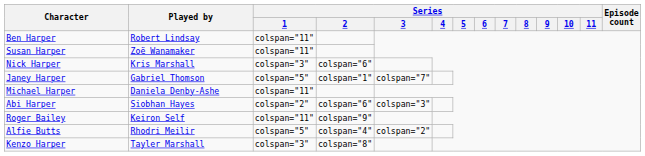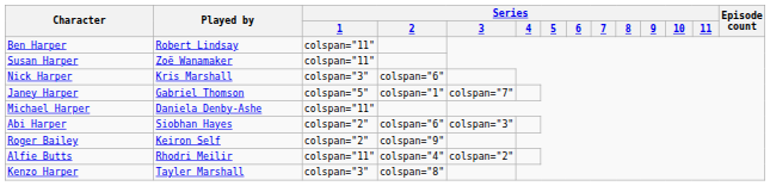 <table class="wikitable planrowheaders" style="width: 80%; margin-right: 0;">
 <tr>
 <th rowspan="2" width="24%">Character</th>
 <th rowspan="2" width="24%">Played by</th>
 <th colspan="11" width="44%"><a href='#'>Series</a></th>
 <th rowspan="2">Episode count</th>
 </tr>
 <tr>
 <th width="4%"><a href='#'>1</a></th>
 <th width="4%"><a href='#'>2</a></th>
 <th width="4%"><a href='#'>3</a></th>
 <th width="4%"><a href='#'>4</a></th>
 <th width="4%"><a href='#'>5</a></th>
 <th width="4%"><a href='#'>6</a></th>
 <th width="4%"><a href='#'>7</a></th>
 <th width="4%"><a href='#'>8</a></th>
 <th width="4%"><a href='#'>9</a></th>
 <th width="4%"><a href='#'>10</a></th>
 <th width="4%"><a href='#'>11</a></th>
 </tr>
 <tr>
 <td><a href='#'>Ben Harper</a></td>
 <td><a href='#'>Robert Lindsay</a></td>
 <td>colspan="11" </td>
 <td></td>
 </tr>
 <tr>
 <td><a href='#'>Susan Harper</a></td>
 <td><a href='#'>Zoë Wanamaker</a></td>
 <td>colspan="11" </td>
 <td></td>
 </tr>
 <tr>
 <td><a href='#'>Nick Harper</a></td>
 <td><a href='#'>Kris Marshall</a></td>
 <td>colspan="3" </td>
 <td>colspan="6" </td>
 <td></td>
 </tr>
 <tr>
 <td><a href='#'>Janey Harper</a></td>
 <td><a href='#'>Gabriel Thomson</a></td>
 <td>colspan="5" </td>
 <td>colspan="1" </td>
 <td>colspan="7" </td>
 <td></td>
 </tr>
 <tr>
 <td><a href='#'>Michael Harper</a></td>
 <td><a href='#'>Daniela Denby-Ashe</a></td>
 <td>colspan="11" </td>
 <td></td>
 </tr>
 <tr>
 <td><a href='#'>Abi Harper</a></td>
 <td><a href='#'>Siobhan Hayes</a></td>
 <td>colspan="2" </td>
 <td>colspan="6" </td>
 <td>colspan="3" </td>
 <td></td>
 </tr>
 <tr>
 <td><a href='#'>Roger Bailey</a></td>
 <td><a href='#'>Keiron Self</a></td>
-<td>colspan="11" </td>
+<td>colspan="2" </td>
 <td>colspan="9" </td>
 <td></td>
 </tr>
 <tr>
 <td><a href='#'>Alfie Butts</a></td>
 <td><a href='#'>Rhodri Meilir</a></td>
-<td>colspan="5" </td>
+<td>colspan="11" </td>
 <td>colspan="4" </td>
 <td>colspan="2" </td>
 <td></td>
 </tr>
 <tr>
 <td><a href='#'>Kenzo Harper</a></td>
 <td><a href='#'>Tayler Marshall</a></td>
 <td>colspan="3" </td>
 <td>colspan="8" </td>
 <td></td>
 </tr>
 </table>
